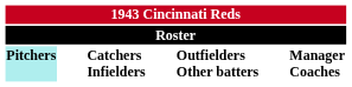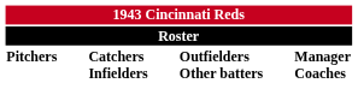 <table class="toccolours" style="font-size: 95%;">
 <tr>
 <th colspan="10" style="background-color: #c6011f; color: white; text-align: center;">1943 Cincinnati Reds</th>
 </tr>
 <tr>
 <td colspan="10" style="background-color: black; color: white; text-align: center;"><strong>Roster</strong></td>
 </tr>
 <tr>
-<td valign="top" style="background: paleturquoise;"><strong>Pitchers</strong><br>         </td>
+<td valign="top"><strong>Pitchers</strong><br>         </td>
 <td width="25px"></td>
 <td valign="top"><strong>Catchers</strong><br>   <strong>Infielders</strong>        </td>
 <td width="25px"></td>
 <td valign="top"><strong>Outfielders</strong><br>        <strong>Other batters</strong> </td>
 <td width="25px"></td>
 <td valign="top"><strong>Manager</strong><br> <strong>Coaches</strong>  </td>
 </tr>
 </table>
